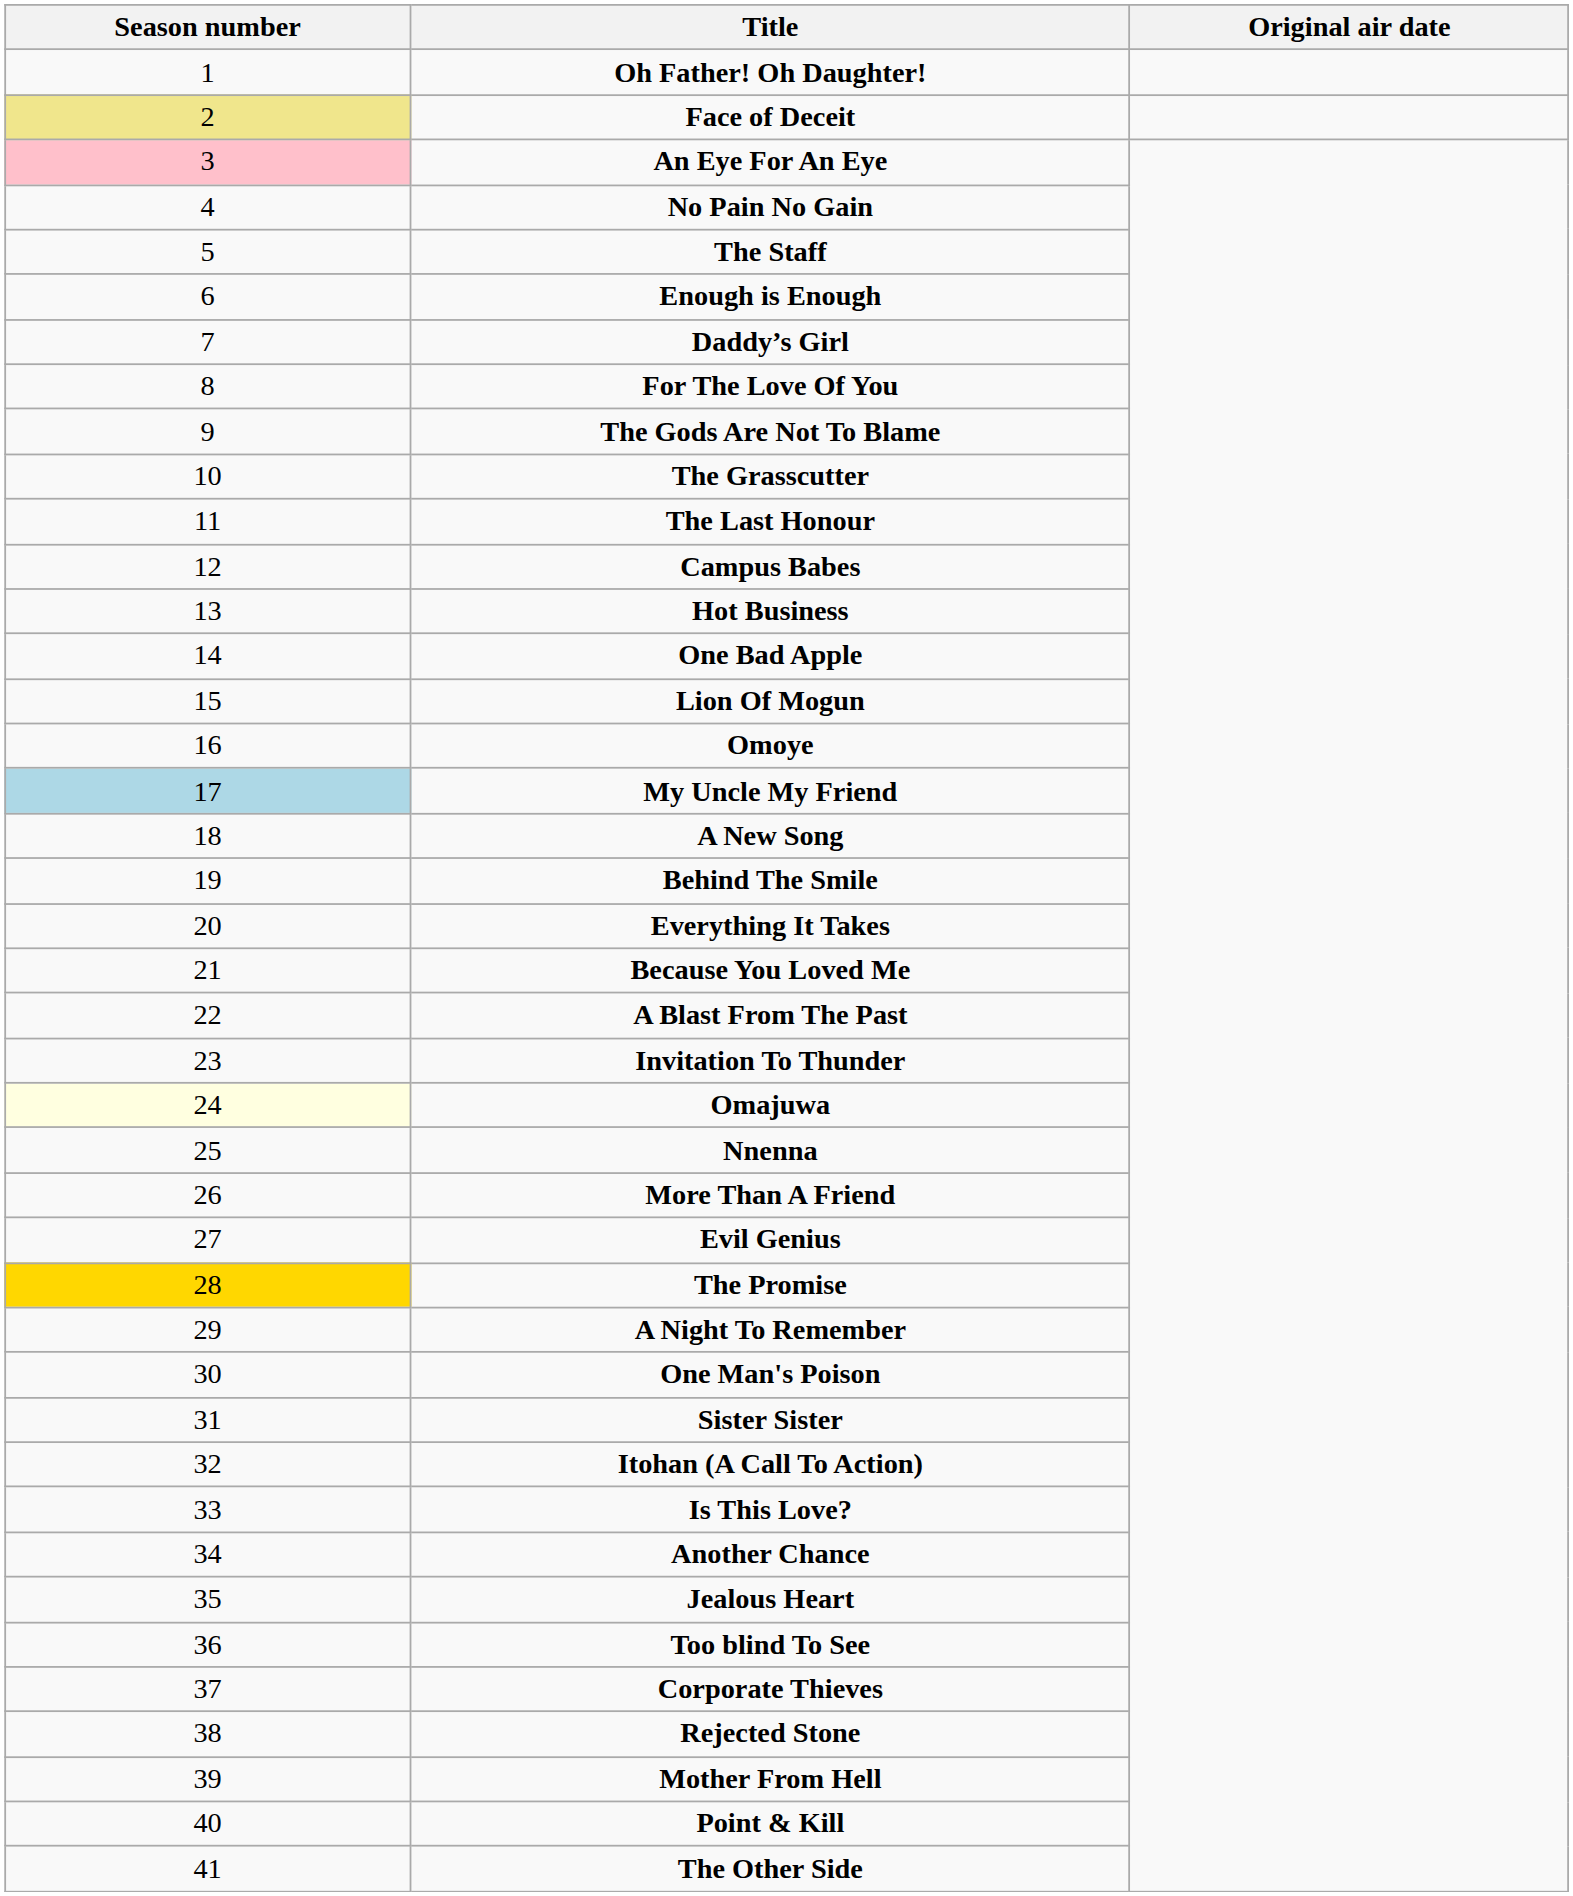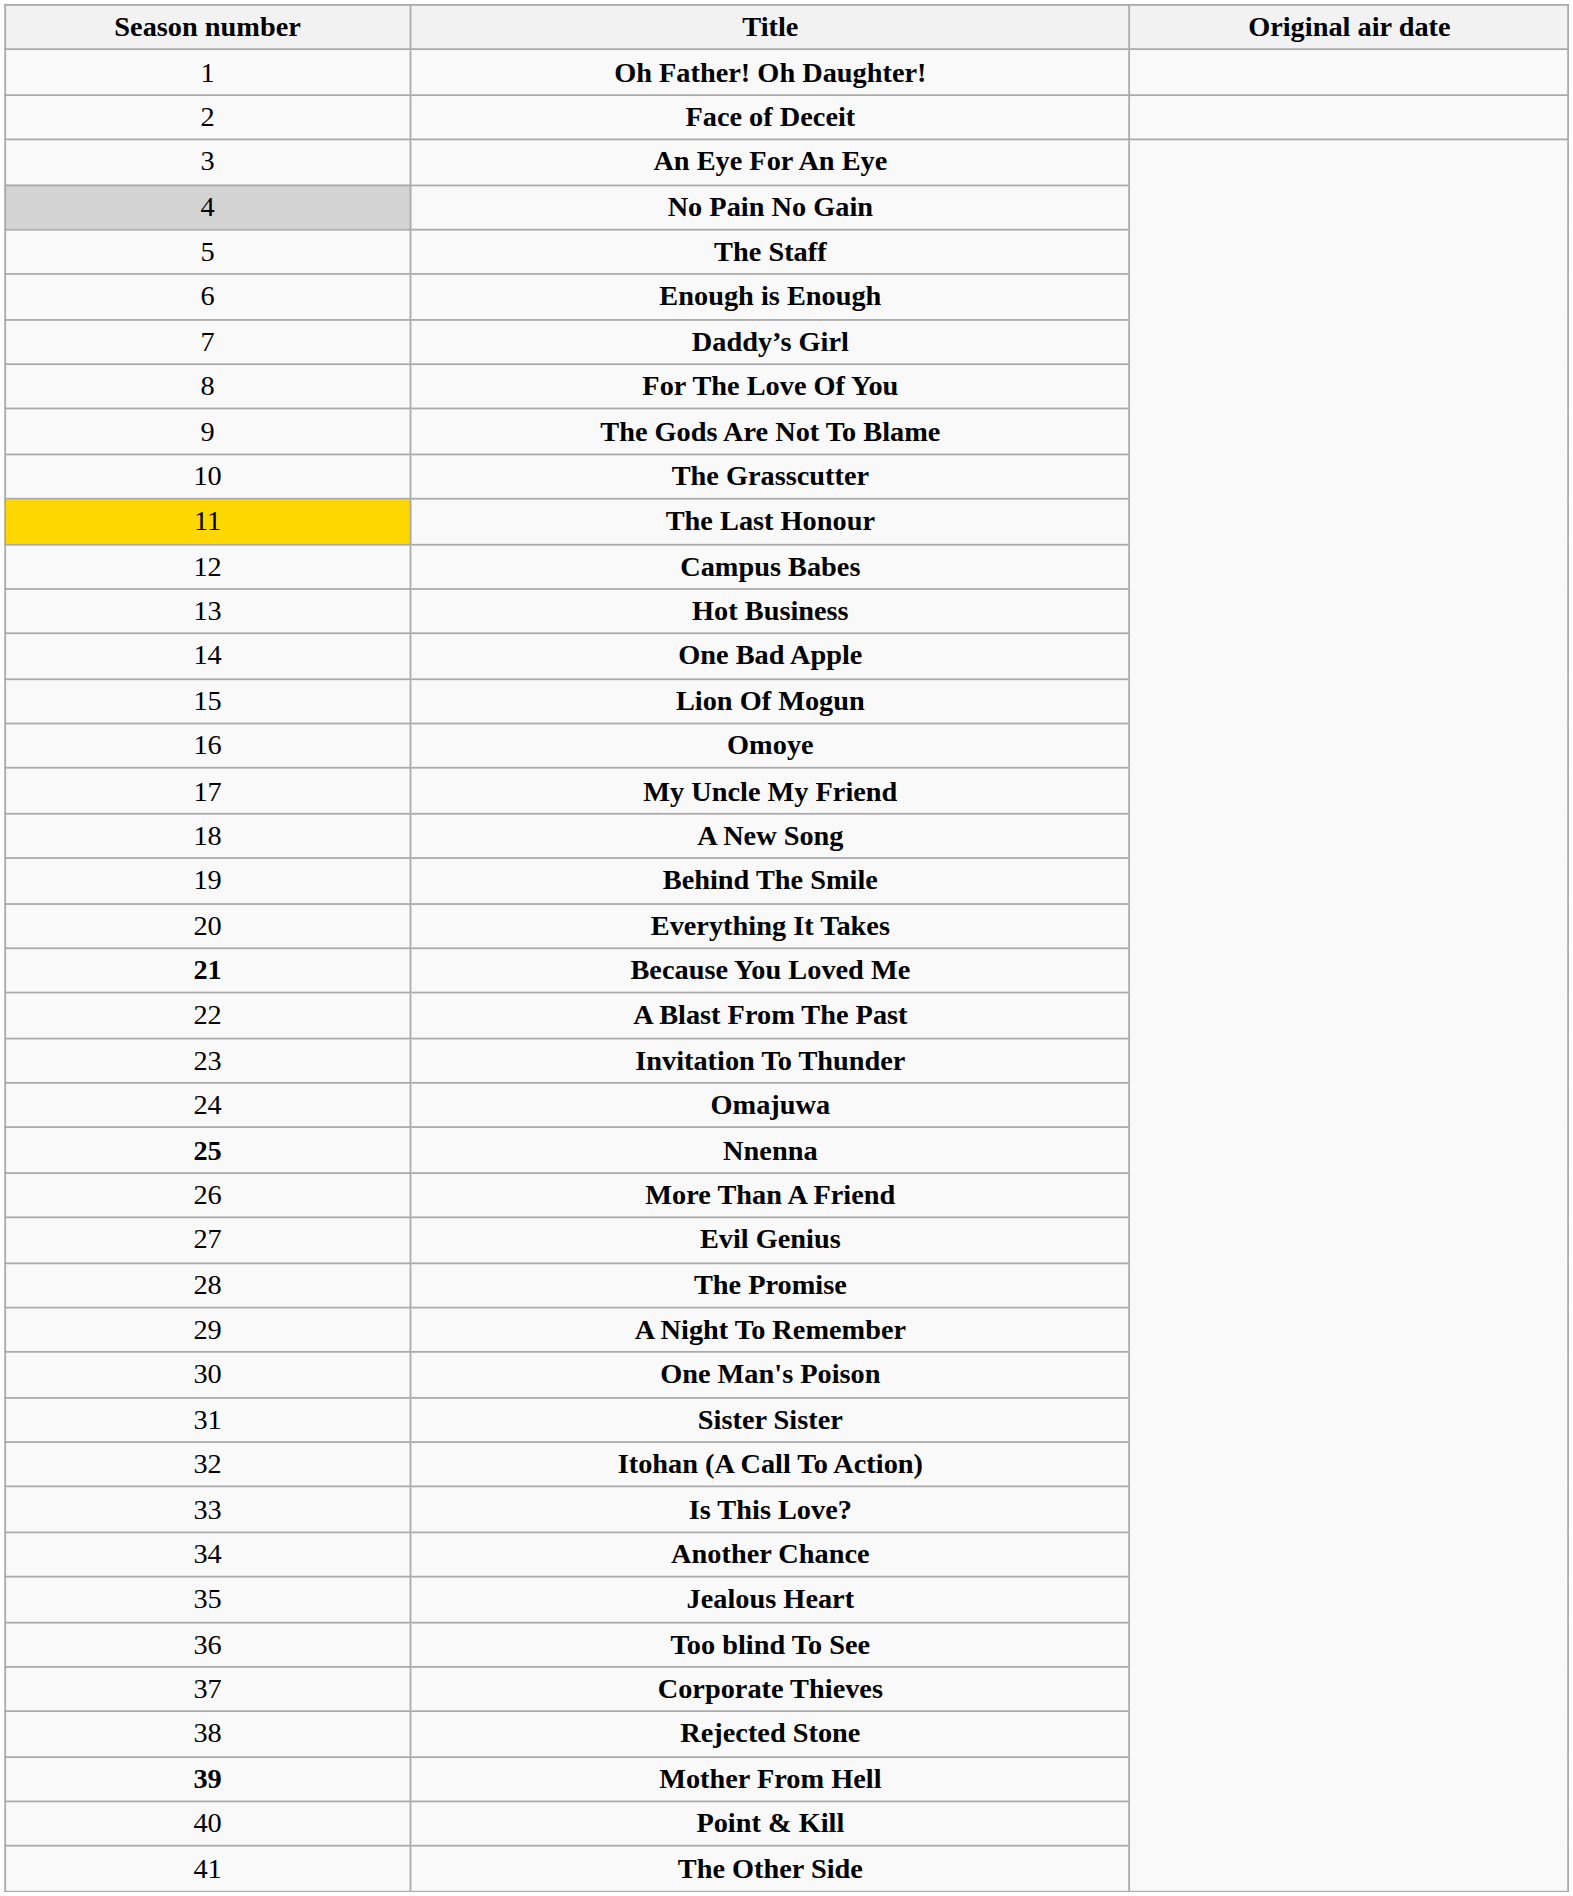 <table style="text-align:center; width: 70%; margin-left: auto; margin-right: auto;" class="wikitable">
 <tr>
 <th>Season number<br></th>
 <th>Title</th>
 <th>Original air date</th>
 </tr>
 <tr>
 <td>1</td>
 <td><strong>Oh Father! Oh Daughter!</strong></td>
 <td></td>
 </tr>
 <tr>
-<td style="background: khaki;">2</td>
+<td>2</td>
 <td><strong>Face of Deceit</strong></td>
 <td></td>
 </tr>
 <tr>
-<td style="background: pink;">3</td>
+<td>3</td>
 <td><strong>An Eye For An Eye</strong></td>
 <td rowspan="39"></td>
 </tr>
 <tr>
-<td>4</td>
+<td style="background: lightgrey;">4</td>
 <td><strong>No Pain No Gain</strong></td>
 </tr>
 <tr>
 <td>5</td>
 <td><strong>The Staff</strong></td>
 </tr>
 <tr>
 <td>6</td>
 <td><strong>Enough is Enough</strong></td>
 </tr>
 <tr>
 <td>7</td>
 <td><strong>Daddy’s Girl</strong></td>
 </tr>
 <tr>
 <td>8</td>
 <td><strong>For The Love Of You</strong></td>
 </tr>
 <tr>
 <td>9</td>
 <td><strong>The Gods Are Not To Blame</strong></td>
 </tr>
 <tr>
 <td>10</td>
 <td><strong>The Grasscutter</strong></td>
 </tr>
 <tr>
-<td>11</td>
+<td style="background: gold;">11</td>
 <td><strong>The Last Honour</strong></td>
 </tr>
 <tr>
 <td>12</td>
 <td><strong>Campus Babes</strong></td>
 </tr>
 <tr>
 <td>13</td>
 <td><strong>Hot Business</strong></td>
 </tr>
 <tr>
 <td>14</td>
 <td><strong>One Bad Apple</strong></td>
 </tr>
 <tr>
 <td>15</td>
 <td><strong>Lion Of Mogun</strong></td>
 </tr>
 <tr>
 <td>16</td>
 <td><strong>Omoye</strong></td>
 </tr>
 <tr>
-<td style="background: lightblue;">17</td>
+<td>17</td>
 <td><strong>My Uncle My Friend</strong></td>
 </tr>
 <tr>
 <td>18</td>
 <td><strong>A New Song</strong></td>
 </tr>
 <tr>
 <td>19</td>
 <td><strong>Behind The Smile</strong></td>
 </tr>
 <tr>
 <td>20</td>
 <td><strong>Everything It Takes</strong></td>
 </tr>
 <tr>
-<td>21</td>
+<td><strong>21</strong></td>
 <td><strong>Because You Loved Me</strong></td>
 </tr>
 <tr>
 <td>22</td>
 <td><strong>A Blast From The Past</strong></td>
 </tr>
 <tr>
 <td>23</td>
 <td><strong>Invitation To Thunder</strong></td>
 </tr>
 <tr>
-<td style="background: lightyellow;">24</td>
+<td>24</td>
 <td><strong>Omajuwa</strong></td>
 </tr>
 <tr>
-<td>25</td>
+<td><strong>25</strong></td>
 <td><strong>Nnenna</strong></td>
 </tr>
 <tr>
 <td>26</td>
 <td><strong>More Than A Friend</strong></td>
 </tr>
 <tr>
 <td>27</td>
 <td><strong>Evil Genius</strong></td>
 </tr>
 <tr>
-<td style="background: gold;">28</td>
+<td>28</td>
 <td><strong>The Promise</strong></td>
 </tr>
 <tr>
 <td>29</td>
 <td><strong>A Night To Remember</strong></td>
 </tr>
 <tr>
 <td>30</td>
 <td><strong>One Man's Poison</strong></td>
 </tr>
 <tr>
 <td>31</td>
 <td><strong>Sister Sister</strong></td>
 </tr>
 <tr>
 <td>32</td>
 <td><strong>Itohan (A Call To Action)</strong></td>
 </tr>
 <tr>
 <td>33</td>
 <td><strong>Is This Love?</strong></td>
 </tr>
 <tr>
 <td>34</td>
 <td><strong>Another Chance</strong></td>
 </tr>
 <tr>
 <td>35</td>
 <td><strong>Jealous Heart</strong></td>
 </tr>
 <tr>
 <td>36</td>
 <td><strong>Too blind To See</strong></td>
 </tr>
 <tr>
 <td>37</td>
 <td><strong>Corporate Thieves</strong></td>
 </tr>
 <tr>
 <td>38</td>
 <td><strong>Rejected Stone</strong></td>
 </tr>
 <tr>
-<td>39</td>
+<td><strong>39</strong></td>
 <td><strong>Mother From Hell</strong></td>
 </tr>
 <tr>
 <td>40</td>
 <td><strong>Point & Kill</strong></td>
 </tr>
 <tr>
 <td>41</td>
 <td><strong>The Other Side</strong></td>
 </tr>
 </table>
